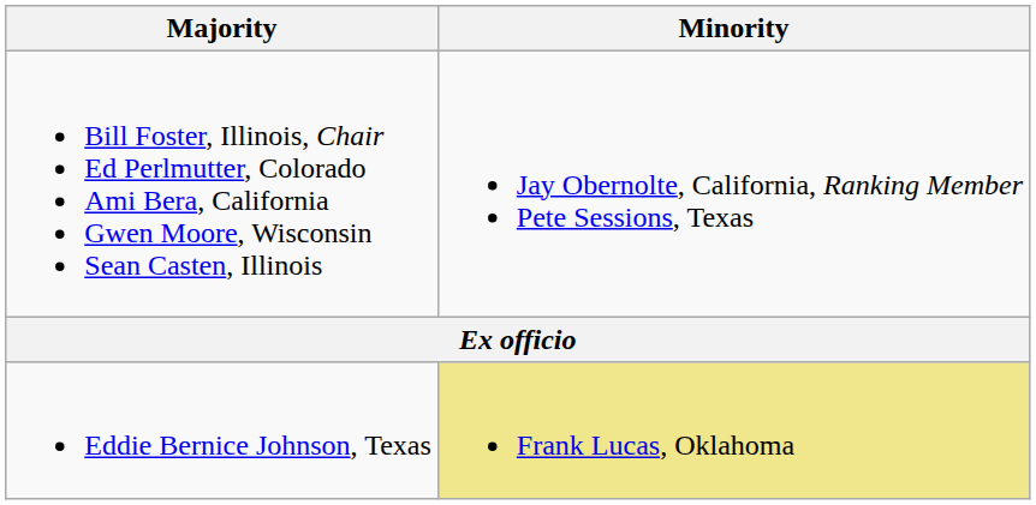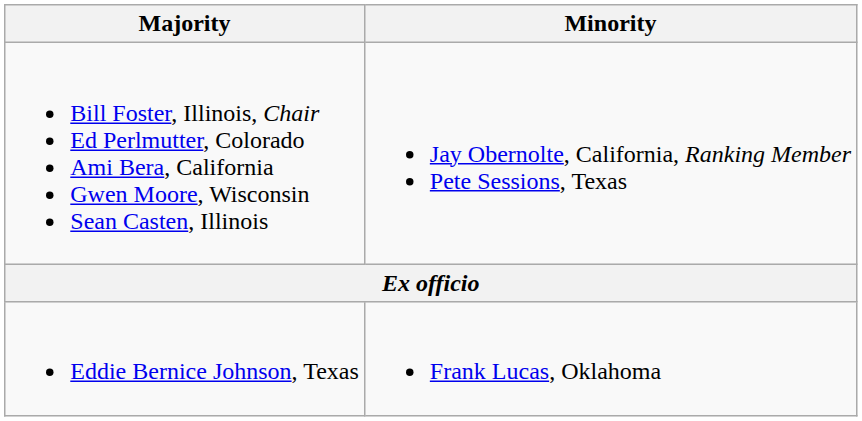 <table class=wikitable>
 <tr>
 <th>Majority</th>
 <th>Minority</th>
 </tr>
 <tr>
 <td><br><ul><li><a href='#'>Bill Foster</a>, Illinois, <em>Chair</em></li><li><a href='#'>Ed Perlmutter</a>, Colorado</li><li><a href='#'>Ami Bera</a>, California</li><li><a href='#'>Gwen Moore</a>, Wisconsin</li><li><a href='#'>Sean Casten</a>, Illinois</li></ul></td>
 <td><br><ul><li><a href='#'>Jay Obernolte</a>, California, <em>Ranking Member</em></li><li><a href='#'>Pete Sessions</a>, Texas</li></ul></td>
 </tr>
 <tr>
 <th colspan=2><em>Ex officio</em></th>
 </tr>
 <tr>
 <td><br><ul><li><a href='#'>Eddie Bernice Johnson</a>, Texas</li></ul></td>
-<td style="background: khaki;"><br><ul><li><a href='#'>Frank Lucas</a>, Oklahoma</li></ul></td>
+<td><br><ul><li><a href='#'>Frank Lucas</a>, Oklahoma</li></ul></td>
 </tr>
 </table>
